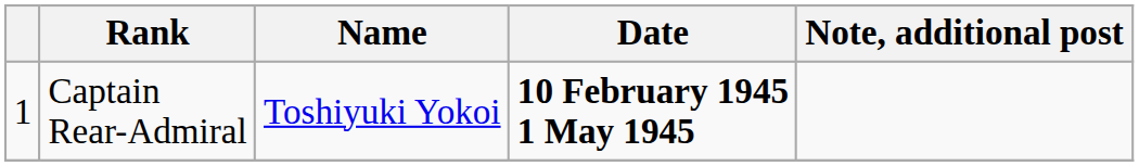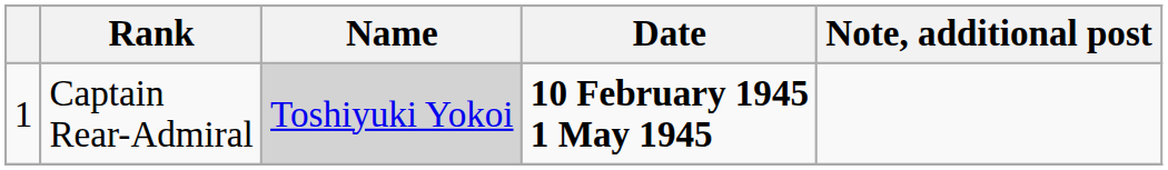 <table class=wikitable>
 <tr>
 <th></th>
 <th>Rank</th>
 <th>Name</th>
 <th>Date</th>
 <th>Note, additional post</th>
 </tr>
 <tr>
 <td>1</td>
 <td>Captain<br>Rear-Admiral</td>
-<td><a href='#'>Toshiyuki Yokoi</a></td>
+<td style="background: lightgrey;"><a href='#'>Toshiyuki Yokoi</a></td>
 <td><strong>10 February 1945<br>1 May 1945</strong></td>
 <td></td>
 </tr>
 <tr>
 </tr>
 </table>
